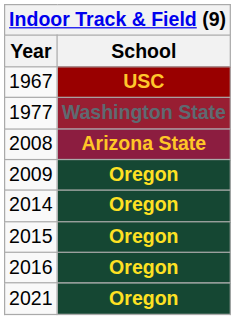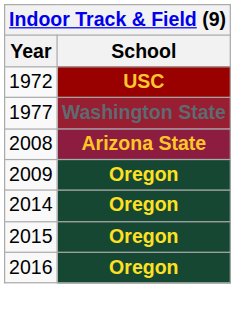 <table class="wikitable">
 <tr>
 <th colspan=2><a href='#'>Indoor Track & Field</a> (9)</th>
 </tr>
 <tr>
 <th>Year</th>
 <th>School</th>
 </tr>
 <tr>
-<td>1967</td>
+<td>1972</td>
 <th style="background:#990000; color:#FFC72C;">USC</th>
 </tr>
 <tr>
 <td>1977</td>
 <th style="background:#981E32; color:#5E6A71;">Washington State</th>
 </tr>
 <tr>
 <td>2008</td>
 <th style="background:#8C1D40; color:#FFC627;">Arizona State</th>
 </tr>
 <tr>
 <td>2009</td>
 <th style="background:#154733; color:#FEE123;">Oregon</th>
 </tr>
 <tr>
 <td>2014</td>
 <th style="background:#154733; color:#FEE123;">Oregon</th>
 </tr>
 <tr>
 <td>2015</td>
 <th style="background:#154733; color:#FEE123;">Oregon</th>
 </tr>
 <tr>
 <td>2016</td>
 <th style="background:#154733; color:#FEE123;">Oregon</th>
 </tr>
-<tr>
-<td>2021</td>
-<th style="background:#154733; color:#FEE123;">Oregon</th>
-</tr>
 </table>
